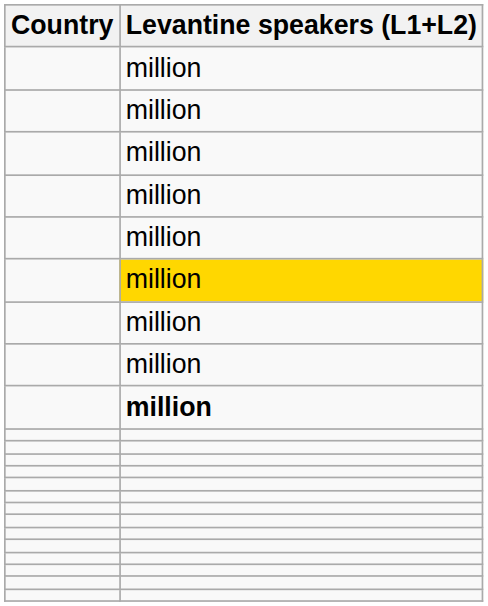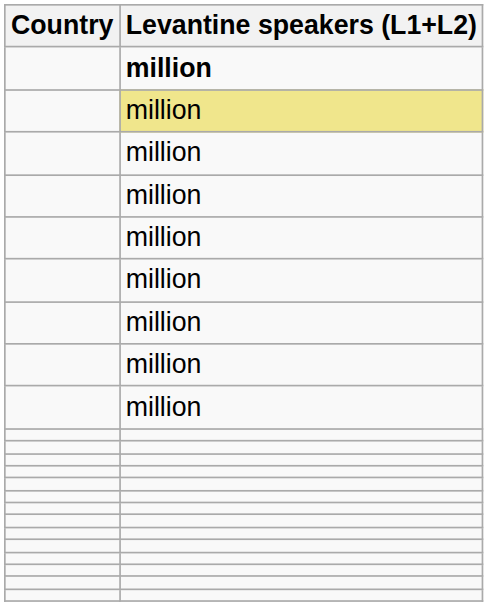 <table class="wikitable">
 <tr>
 <th>Country</th>
 <th>Levantine speakers (L1+L2)</th>
+</tr>
+<tr>
+<td></td>
+<td><strong> million</strong></td>
+</tr>
+<tr>
+<td></td>
+<td style="background: khaki;"> million</td>
 </tr>
 <tr>
 <td></td>
 <td> million</td>
 </tr>
 <tr>
 <td></td>
 <td> million</td>
 </tr>
 <tr>
 <td></td>
 <td> million</td>
 </tr>
 <tr>
 <td></td>
 <td> million</td>
 </tr>
 <tr>
 <td></td>
 <td> million</td>
 </tr>
 <tr>
 <td></td>
-<td style="background: gold;"> million</td>
-</tr>
-<tr>
-<td></td>
 <td> million</td>
 </tr>
 <tr>
 <td></td>
 <td> million</td>
-</tr>
-<tr>
-<td></td>
-<td><strong> million</strong></td>
 </tr>
 <tr>
 <td></td>
 <td></td>
 </tr>
 <tr>
 <td></td>
 <td></td>
 </tr>
 <tr>
 <td></td>
 <td></td>
 </tr>
 <tr>
 <td></td>
 <td></td>
 </tr>
 <tr>
 <td></td>
 <td></td>
 </tr>
 <tr>
 <td></td>
 <td></td>
 </tr>
 <tr>
 <td></td>
 <td></td>
 </tr>
 <tr>
 <td></td>
 <td></td>
 </tr>
 <tr>
 <td></td>
 <td></td>
 </tr>
 <tr>
 <td></td>
 <td></td>
 </tr>
 <tr>
 <td></td>
 <td></td>
 </tr>
 <tr>
 <td></td>
 <td></td>
 </tr>
 <tr>
 <td></td>
 <td></td>
 </tr>
 <tr>
 <td></td>
 <td></td>
 </tr>
 </table>
